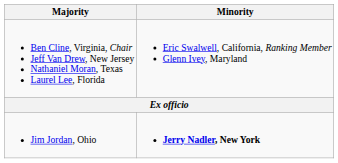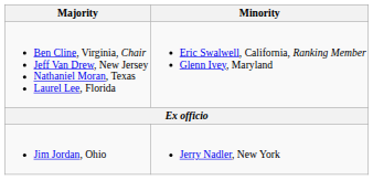 <table class=wikitable>
 <tr>
 <th>Majority</th>
 <th>Minority</th>
 </tr>
 <tr valign=top>
 <td><br><ul><li><a href='#'>Ben Cline</a>, Virginia, <em>Chair</em></li><li><a href='#'>Jeff Van Drew</a>, New Jersey</li><li><a href='#'>Nathaniel Moran</a>, Texas</li><li><a href='#'>Laurel Lee</a>, Florida</li></ul></td>
 <td><br><ul><li><a href='#'>Eric Swalwell</a>, California, <em>Ranking Member</em></li><li><a href='#'>Glenn Ivey</a>, Maryland</li></ul></td>
 </tr>
 <tr>
 <th colspan=2><em>Ex officio</em></th>
 </tr>
 <tr>
 <td><br><ul><li><a href='#'>Jim Jordan</a>, Ohio</li></ul></td>
-<td><strong><br><ul><li><a href='#'>Jerry Nadler</a>, New York</li></ul></strong></td>
+<td><br><ul><li><a href='#'>Jerry Nadler</a>, New York</li></ul></td>
 </tr>
 </table>
